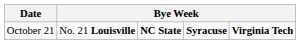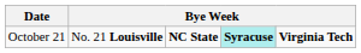 <table class="wikitable" style="font-size:95%;">
 <tr>
 <th>Date</th>
 <th colspan="4">Bye Week</th>
 </tr>
 <tr>
 <td>October 21</td>
 <td>No. 21 <strong>Louisville</strong></td>
 <td><strong>NC State</strong></td>
-<td><strong>Syracuse</strong></td>
+<td style="background: paleturquoise;"><strong>Syracuse</strong></td>
 <td><strong>Virginia Tech</strong></td>
 </tr>
 </table>
